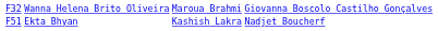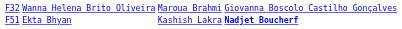 <table>
 <tr>
 <td><a href='#'>F32</a></td>
 <td><a href='#'>Wanna Helena Brito Oliveira</a><br></td>
 <td><a href='#'>Maroua Brahmi</a><br></td>
 <td><a href='#'>Giovanna Boscolo Castilho Gonçalves</a><br></td>
 </tr>
 <tr>
 <td><a href='#'>F51</a></td>
 <td><a href='#'>Ekta Bhyan</a><br></td>
 <td><a href='#'>Kashish Lakra</a><br></td>
-<td><a href='#'>Nadjet Boucherf</a><br></td>
+<td><strong><a href='#'>Nadjet Boucherf</a><br></strong></td>
 </tr>
 </table>
